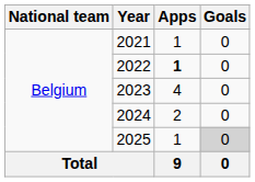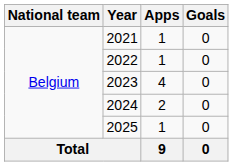 <table class="wikitable" style="text-align: center;">
 <tr>
 <th>National team</th>
 <th>Year</th>
 <th>Apps</th>
 <th>Goals</th>
 </tr>
 <tr>
 <td rowspan=5><a href='#'>Belgium</a></td>
 <td>2021</td>
 <td>1</td>
 <td>0</td>
 </tr>
 <tr>
 <td>2022</td>
-<td><strong>1</strong></td>
+<td>1</td>
 <td>0</td>
 </tr>
 <tr>
 <td>2023</td>
 <td>4</td>
 <td>0</td>
 </tr>
 <tr>
 <td>2024</td>
 <td>2</td>
 <td>0</td>
 </tr>
 <tr>
 <td>2025</td>
 <td>1</td>
-<td style="background: lightgrey;">0</td>
+<td>0</td>
 </tr>
 <tr>
 <th colspan=2>Total</th>
 <th>9</th>
 <th>0</th>
 </tr>
 </table>
